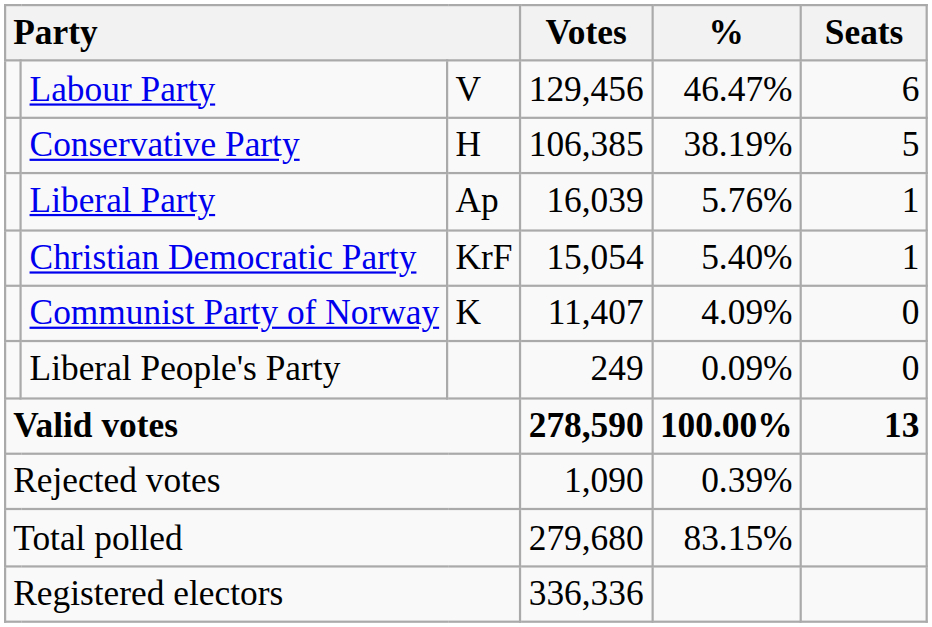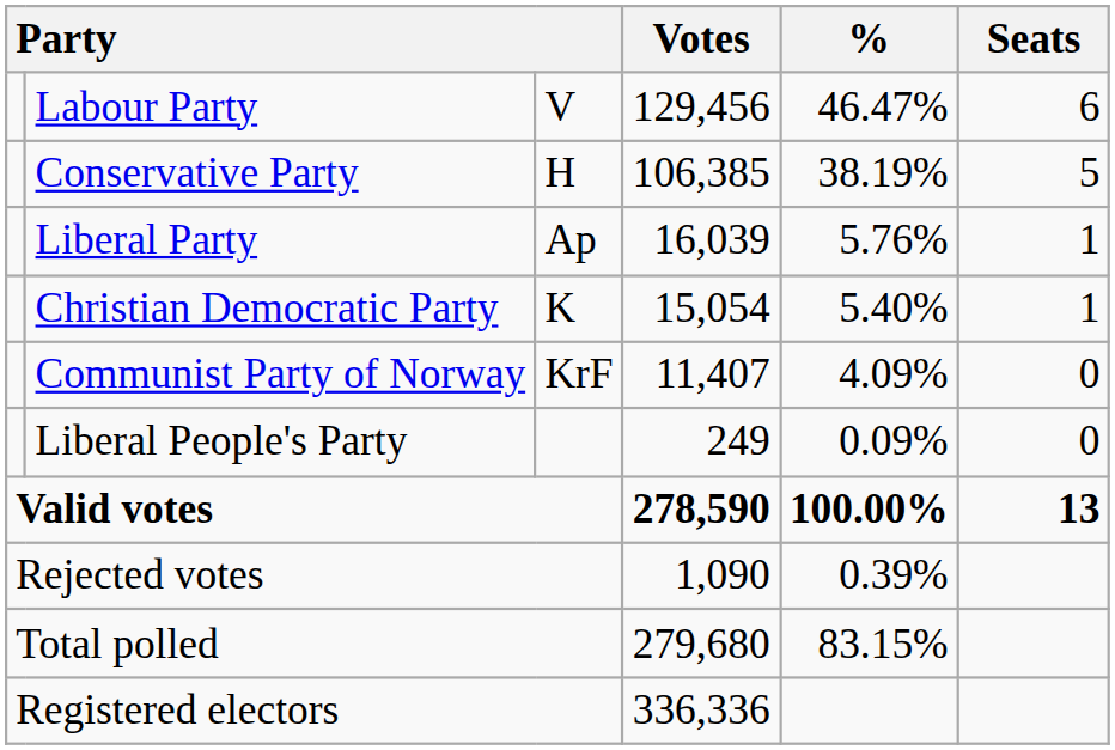 <table class="wikitable" border="1" style="text-align:right;">
 <tr>
 <th style="text-align:left;" colspan=3>Party</th>
 <th align=center width="50">Votes</th>
 <th align=center width="50">%</th>
 <th align=center width="50">Seats</th>
 </tr>
 <tr>
 <td style="color:inherit;background:"></td>
 <td align=left><a href='#'>Labour Party</a></td>
 <td align=left>V</td>
 <td>129,456</td>
 <td>46.47%</td>
 <td>6</td>
 </tr>
 <tr>
 <td style="color:inherit;background:"></td>
 <td align=left><a href='#'>Conservative Party</a></td>
 <td align=left>H</td>
 <td>106,385</td>
 <td>38.19%</td>
 <td>5</td>
 </tr>
 <tr>
 <td style="color:inherit;background:"></td>
 <td align=left><a href='#'>Liberal Party</a></td>
 <td align=left>Ap</td>
 <td>16,039</td>
 <td>5.76%</td>
 <td>1</td>
 </tr>
 <tr>
 <td style="color:inherit;background:"></td>
 <td align=left><a href='#'>Christian Democratic Party</a></td>
-<td align=left>KrF</td>
+<td align=left>K</td>
 <td>15,054</td>
 <td>5.40%</td>
 <td>1</td>
 </tr>
 <tr>
 <td style="color:inherit;background:"></td>
 <td align=left><a href='#'>Communist Party of Norway</a></td>
-<td align=left>K</td>
+<td align=left>KrF</td>
 <td>11,407</td>
 <td>4.09%</td>
 <td>0</td>
 </tr>
 <tr>
 <td></td>
 <td align=left>Liberal People's Party</td>
 <td align=left></td>
 <td>249</td>
 <td>0.09%</td>
 <td>0</td>
 </tr>
 <tr style="font-weight:bold">
 <td align=left colspan=3>Valid votes</td>
 <td>278,590</td>
 <td>100.00%</td>
 <td>13</td>
 </tr>
 <tr>
 <td align=left colspan=3>Rejected votes</td>
 <td>1,090</td>
 <td>0.39%</td>
 <td></td>
 </tr>
 <tr>
 <td align=left colspan=3>Total polled</td>
 <td>279,680</td>
 <td>83.15%</td>
 <td></td>
 </tr>
 <tr>
 <td align=left colspan=3>Registered electors</td>
 <td>336,336</td>
 <td></td>
 <td></td>
 </tr>
 </table>
